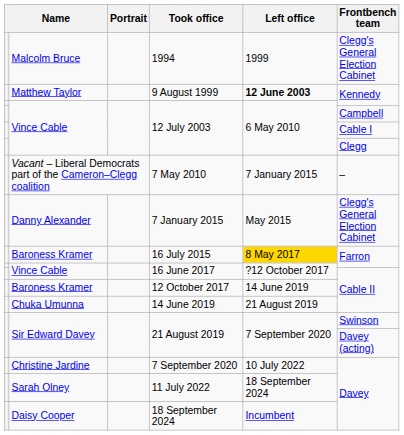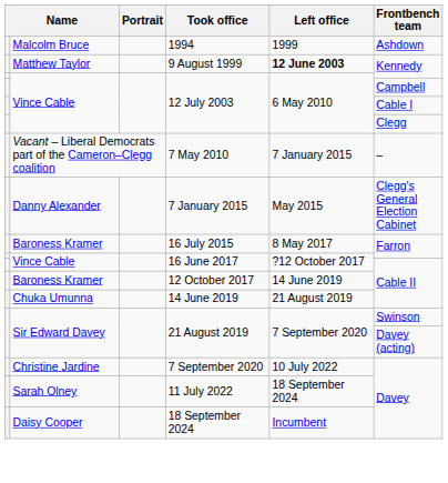 <table class="wikitable">
 <tr>
 <th colspan=2>Name</th>
 <th>Portrait</th>
 <th width=150>Took office</th>
 <th width=150>Left office</th>
 <th colspan=2>Frontbench team</th>
 </tr>
 <tr>
 <th style="background-color: "></th>
 <td><a href='#'>Malcolm Bruce</a></td>
 <td></td>
 <td>1994</td>
 <td>1999</td>
-<td><a href='#'>Clegg's General Election Cabinet</a></td>
+<td><a href='#'>Ashdown</a></td>
 </tr>
 <tr>
 <th style="background-color: "></th>
 <td><a href='#'>Matthew Taylor</a></td>
 <td></td>
 <td>9 August 1999</td>
 <td><strong>12 June 2003</strong></td>
 <td rowspan=2><a href='#'>Kennedy</a></td>
 </tr>
 <tr>
 <th style="background-color: "></th>
 <td rowspan="4" width=160><a href='#'>Vince Cable</a></td>
 <td rowspan="4"></td>
 <td rowspan="4">12 July 2003</td>
 <td rowspan="4">6 May 2010</td>
 </tr>
 <tr>
 <th style="background-color: "></th>
 <td><a href='#'>Campbell</a></td>
 </tr>
 <tr>
 <th style="background-color: "></th>
 <td><a href='#'>Cable I</a></td>
 </tr>
 <tr>
 <th style="background-color: "></th>
 <td><a href='#'>Clegg</a></td>
 </tr>
 <tr>
 <th></th>
 <td width=160 colspan="2"><em>Vacant</em> – Liberal Democrats part of the <a href='#'>Cameron–Clegg coalition</a></td>
 <td>7 May 2010</td>
 <td>7 January 2015</td>
 <td>–</td>
 </tr>
 <tr>
 <th style="background-color: "></th>
 <td width=160><a href='#'>Danny Alexander</a></td>
 <td></td>
 <td>7 January 2015</td>
 <td>May 2015</td>
 <td><a href='#'>Clegg's General Election Cabinet</a></td>
 </tr>
 <tr>
 <th style="background-color: "></th>
 <td width=160><a href='#'>Baroness Kramer</a></td>
 <td></td>
 <td>16 July 2015</td>
-<td style="background: gold;">8 May 2017</td>
+<td>8 May 2017</td>
 <td rowspan=2><a href='#'>Farron</a></td>
 </tr>
 <tr>
 <th style="background-color: "></th>
 <td rowspan="2" width=160><a href='#'>Vince Cable</a></td>
 <td rowspan="2"></td>
 <td rowspan="2">16 June 2017</td>
 <td rowspan="2">?12 October 2017</td>
 </tr>
 <tr>
 <th style="background-color: "></th>
 <td rowspan="3"><a href='#'>Cable II</a></td>
 </tr>
 <tr>
 <th style="background-color: "></th>
 <td width=160><a href='#'>Baroness Kramer</a></td>
 <td></td>
 <td>12 October 2017</td>
 <td>14 June 2019</td>
 </tr>
 <tr>
 <th style="background-color: "></th>
 <td width=160><a href='#'>Chuka Umunna</a></td>
 <td></td>
 <td>14 June 2019</td>
 <td>21 August 2019</td>
 </tr>
 <tr>
 <th rowspan="2" style="background-color: "></th>
 <td rowspan="2" width=160><a href='#'>Sir Edward Davey</a></td>
 <td rowspan="2"></td>
 <td rowspan="2">21 August 2019</td>
 <td rowspan="2">7 September 2020</td>
 <td><a href='#'>Swinson</a></td>
 </tr>
 <tr>
 <td><a href='#'>Davey (acting)</a></td>
 </tr>
 <tr>
 <th style="background-color: "></th>
 <td width=160><a href='#'>Christine Jardine</a></td>
 <td></td>
 <td>7 September 2020</td>
 <td>10 July 2022</td>
 <td rowspan="3"><a href='#'>Davey</a></td>
 </tr>
 <tr>
 <th style="background-color: "></th>
 <td width=160><a href='#'>Sarah Olney</a></td>
 <td></td>
 <td>11 July 2022</td>
 <td>18 September 2024</td>
 </tr>
 <tr>
 <th style="background-color: "></th>
 <td width=160><a href='#'>Daisy Cooper</a></td>
 <td></td>
 <td>18 September 2024</td>
 <td><a href='#'>Incumbent</a></td>
 </tr>
 </table>
